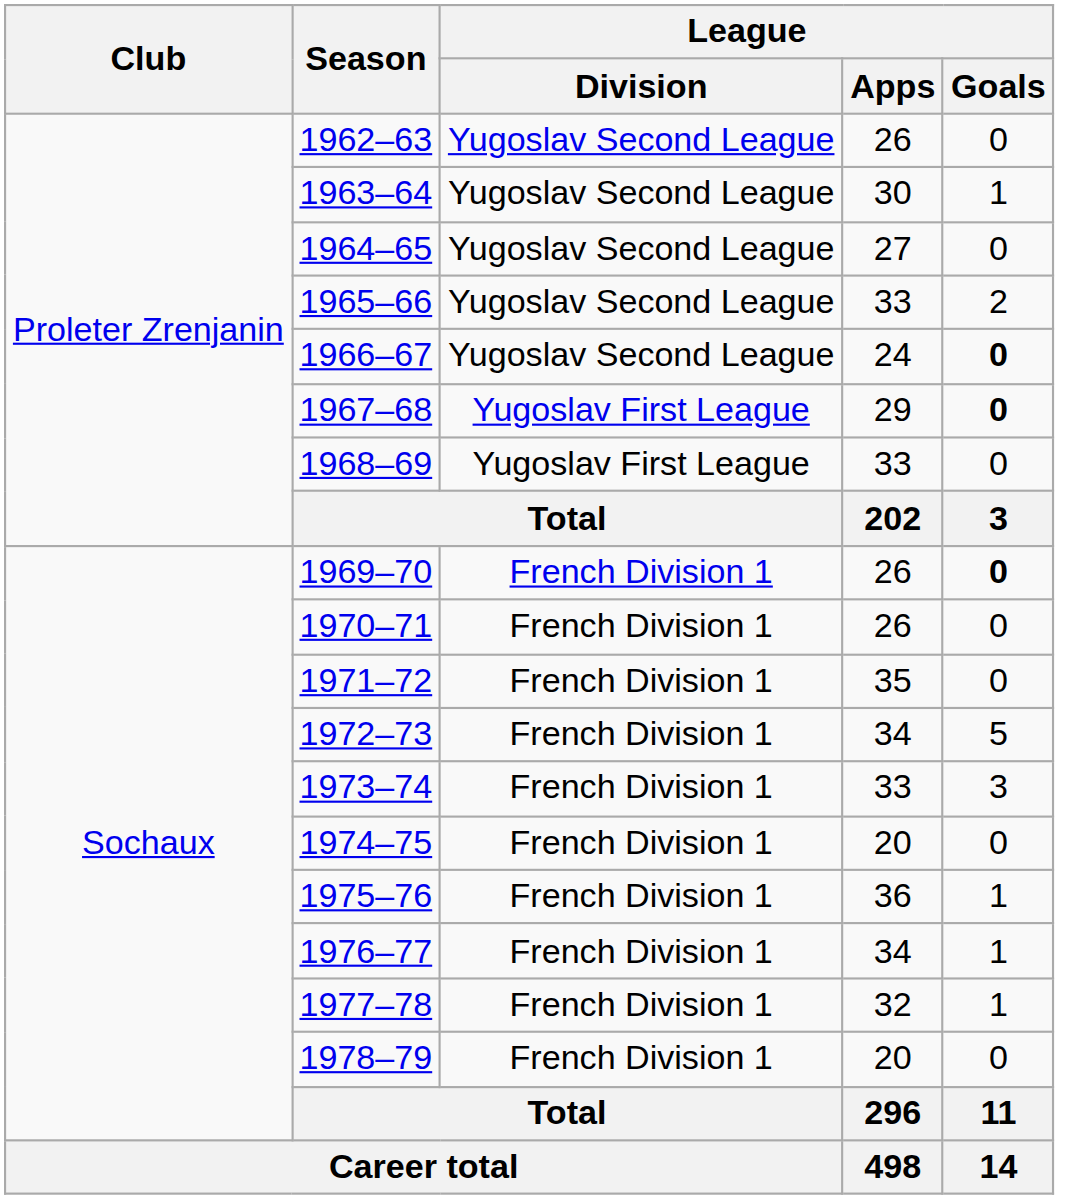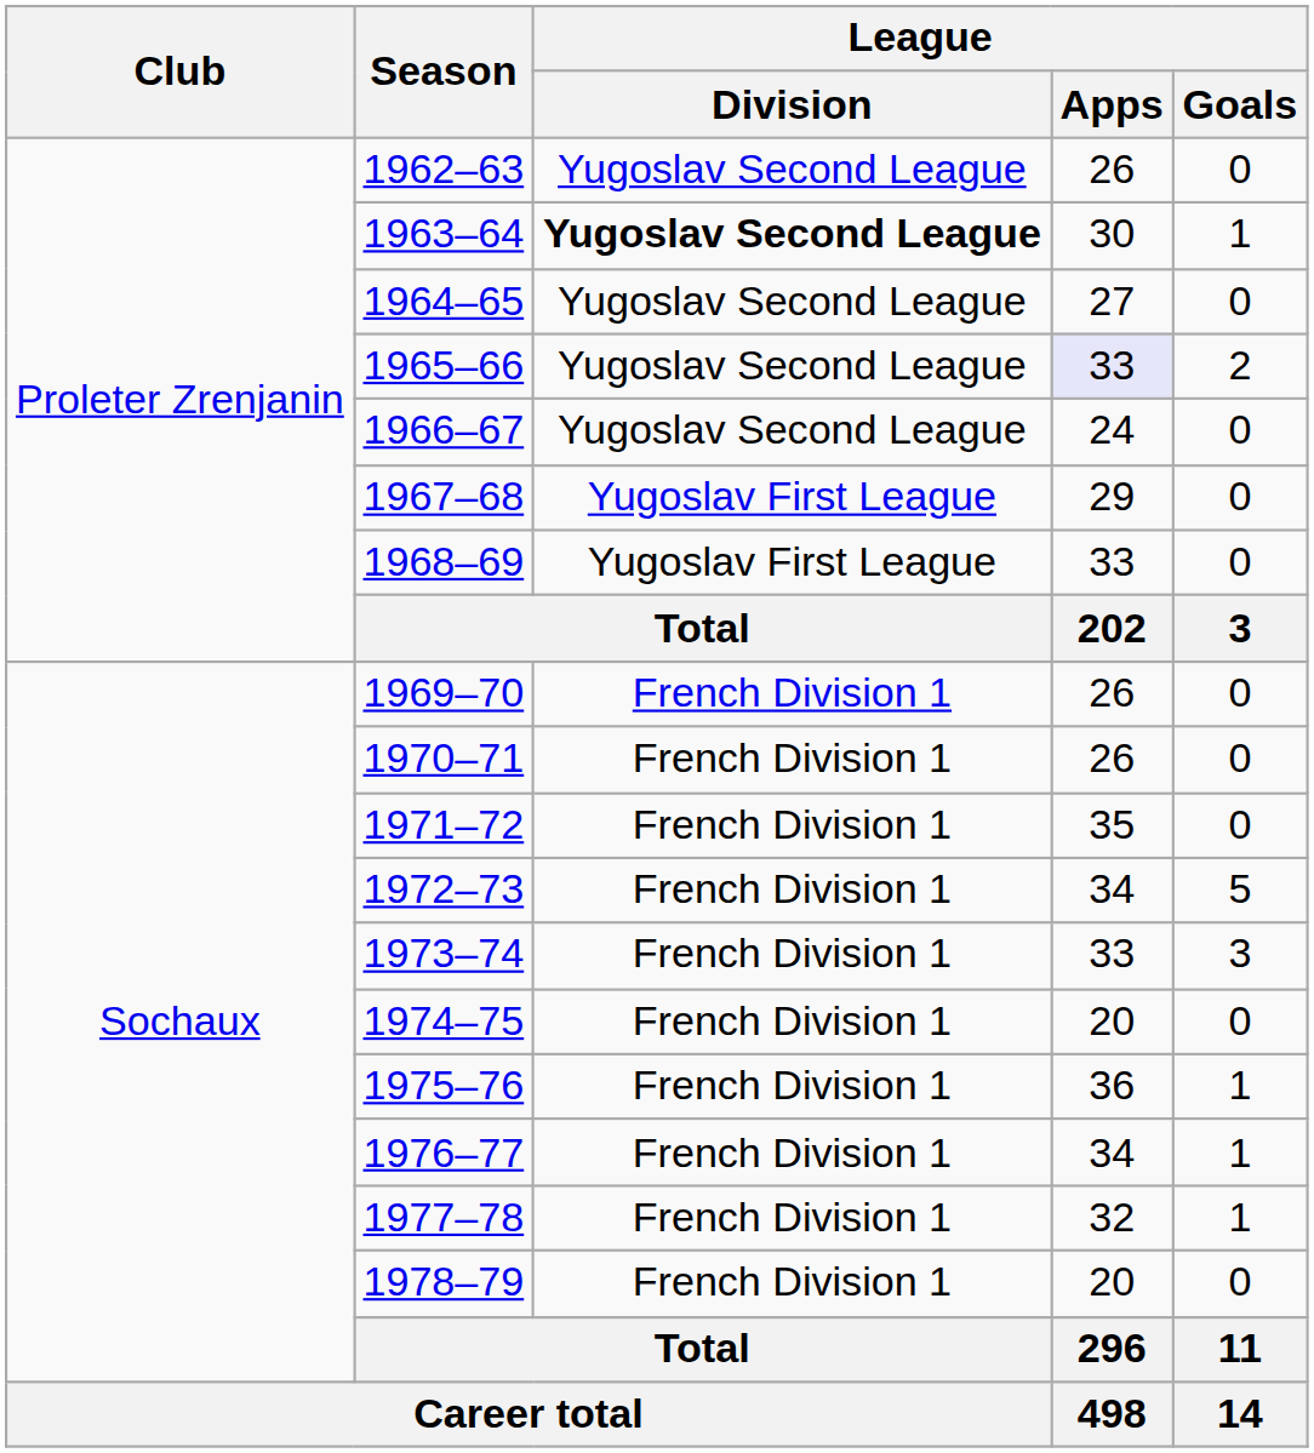 <table class="wikitable" style="text-align:center">
 <tr>
 <th rowspan="2">Club</th>
 <th rowspan="2">Season</th>
 <th colspan="3">League</th>
 </tr>
 <tr>
 <th>Division</th>
 <th>Apps</th>
 <th>Goals</th>
 </tr>
 <tr>
 <td rowspan="8"><a href='#'>Proleter Zrenjanin</a></td>
 <td><a href='#'>1962–63</a></td>
 <td><a href='#'>Yugoslav Second League</a></td>
 <td>26</td>
 <td>0</td>
 </tr>
 <tr>
 <td><a href='#'>1963–64</a></td>
-<td>Yugoslav Second League</td>
+<td><strong>Yugoslav Second League</strong></td>
 <td>30</td>
 <td>1</td>
 </tr>
 <tr>
 <td><a href='#'>1964–65</a></td>
 <td>Yugoslav Second League</td>
 <td>27</td>
 <td>0</td>
 </tr>
 <tr>
 <td><a href='#'>1965–66</a></td>
 <td>Yugoslav Second League</td>
-<td>33</td>
+<td style="background: lavender;">33</td>
 <td>2</td>
 </tr>
 <tr>
 <td><a href='#'>1966–67</a></td>
 <td>Yugoslav Second League</td>
 <td>24</td>
-<td><strong>0</strong></td>
+<td>0</td>
 </tr>
 <tr>
 <td><a href='#'>1967–68</a></td>
 <td><a href='#'>Yugoslav First League</a></td>
 <td>29</td>
-<td><strong>0</strong></td>
+<td>0</td>
 </tr>
 <tr>
 <td><a href='#'>1968–69</a></td>
 <td>Yugoslav First League</td>
 <td>33</td>
 <td>0</td>
 </tr>
 <tr>
 <th colspan="2">Total</th>
 <th>202</th>
 <th>3</th>
 </tr>
 <tr>
 <td rowspan="11"><a href='#'>Sochaux</a></td>
 <td><a href='#'>1969–70</a></td>
 <td><a href='#'>French Division 1</a></td>
 <td>26</td>
-<td><strong>0</strong></td>
+<td>0</td>
 </tr>
 <tr>
 <td><a href='#'>1970–71</a></td>
 <td>French Division 1</td>
 <td>26</td>
 <td>0</td>
 </tr>
 <tr>
 <td><a href='#'>1971–72</a></td>
 <td>French Division 1</td>
 <td>35</td>
 <td>0</td>
 </tr>
 <tr>
 <td><a href='#'>1972–73</a></td>
 <td>French Division 1</td>
 <td>34</td>
 <td>5</td>
 </tr>
 <tr>
 <td><a href='#'>1973–74</a></td>
 <td>French Division 1</td>
 <td>33</td>
 <td>3</td>
 </tr>
 <tr>
 <td><a href='#'>1974–75</a></td>
 <td>French Division 1</td>
 <td>20</td>
 <td>0</td>
 </tr>
 <tr>
 <td><a href='#'>1975–76</a></td>
 <td>French Division 1</td>
 <td>36</td>
 <td>1</td>
 </tr>
 <tr>
 <td><a href='#'>1976–77</a></td>
 <td>French Division 1</td>
 <td>34</td>
 <td>1</td>
 </tr>
 <tr>
 <td><a href='#'>1977–78</a></td>
 <td>French Division 1</td>
 <td>32</td>
 <td>1</td>
 </tr>
 <tr>
 <td><a href='#'>1978–79</a></td>
 <td>French Division 1</td>
 <td>20</td>
 <td>0</td>
 </tr>
 <tr>
 <th colspan="2">Total</th>
 <th>296</th>
 <th>11</th>
 </tr>
 <tr>
 <th colspan="3">Career total</th>
 <th>498</th>
 <th>14</th>
 </tr>
 </table>
